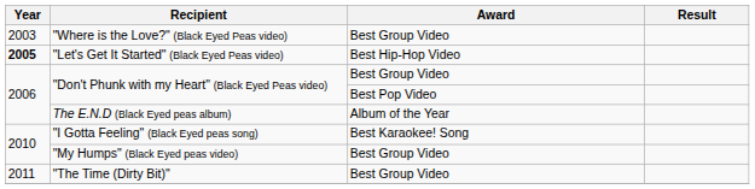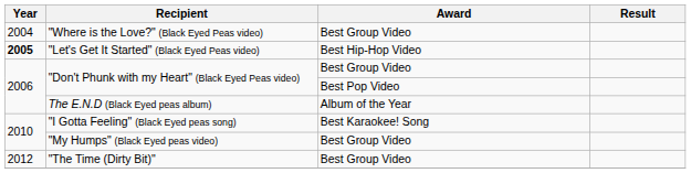 <table style="width: 75%;" class="wikitable">
 <tr>
 <th style="width:6%;"><strong>Year</strong></th>
 <th style="width:40%;"><strong>Recipient</strong></th>
 <th style="width:40%;"><strong>Award</strong></th>
 <th style="width:14%;"><strong>Result</strong></th>
 </tr>
 <tr>
-<td>2003</td>
+<td>2004</td>
 <td>"Where is the Love?" <small>(Black Eyed Peas video)</small></td>
 <td>Best Group Video</td>
 <td></td>
 </tr>
 <tr>
 <td><strong>2005</strong></td>
 <td>"Let's Get It Started" <small>(Black Eyed Peas video)</small></td>
 <td>Best Hip-Hop Video</td>
 <td></td>
 </tr>
 <tr>
 <td rowspan=3>2006</td>
 <td rowspan=2>"Don't Phunk with my Heart" <small>(Black Eyed Peas video)</small></td>
 <td>Best Group Video</td>
 <td></td>
 </tr>
 <tr>
 <td>Best Pop Video</td>
 <td></td>
 </tr>
 <tr>
 <td><em>The E.N.D</em> <small>(Black Eyed peas album)</small></td>
 <td>Album of the Year</td>
 <td></td>
 </tr>
 <tr>
 <td rowspan="2">2010</td>
 <td rowspan="1">"I Gotta Feeling" <small>(Black Eyed peas song)</small></td>
 <td>Best Karaokee! Song</td>
 <td></td>
 </tr>
 <tr>
 <td>"My Humps" <small>(Black Eyed peas video)</small></td>
 <td>Best Group Video</td>
 <td></td>
 </tr>
 <tr>
-<td>2011</td>
+<td>2012</td>
 <td>"The Time (Dirty Bit)"</td>
 <td>Best Group Video</td>
 <td></td>
 </tr>
 <tr>
 </tr>
 </table>
